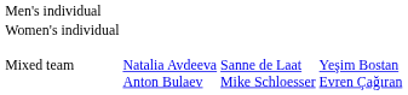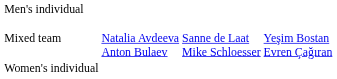 <table>
 <tr>
 <td>Men's individual<br></td>
-<td></td>
-<td></td>
-<td></td>
-</tr>
-<tr>
-<td>Women's individual<br></td>
 <td></td>
 <td></td>
 <td></td>
 </tr>
 <tr>
 <td>Mixed team<br></td>
 <td><br><a href='#'>Natalia Avdeeva</a><br><a href='#'>Anton Bulaev</a></td>
 <td><br><a href='#'>Sanne de Laat</a><br><a href='#'>Mike Schloesser</a></td>
 <td><br><a href='#'>Yeşim Bostan</a><br><a href='#'>Evren Çağıran</a></td>
 </tr>
+<tr>
+<td>Women's individual<br></td>
+<td></td>
+<td></td>
+<td></td>
+</tr>
 </table>
